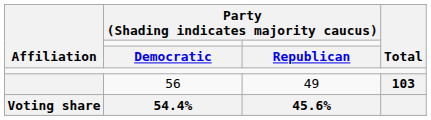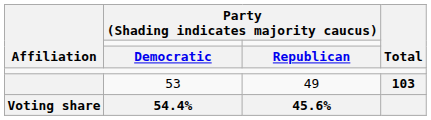 <table class=wikitable style="text-align:center">
 <tr style="vertical-align:bottom;">
 <th rowspan=3>Affiliation</th>
 <th colspan=2>Party <div>(Shading indicates majority caucus)</div></th>
 <th rowspan=3>Total</th>
 </tr>
 <tr style="height:5px">
 <td style="background-color:"></td>
 <td style="background-color:"></td>
 </tr>
 <tr>
 <th><a href='#'>Democratic</a></th>
 <th><a href='#'>Republican</a></th>
 </tr>
 <tr>
 <td colspan=5></td>
 </tr>
 <tr>
 <th nowrap style="font-size:80%"></th>
-<td>56</td>
+<td>53</td>
 <td>49</td>
 <th>103</th>
 </tr>
 <tr>
 <th>Voting share</th>
 <th>54.4%</th>
 <th>45.6%</th>
 <th colspan=2></th>
 </tr>
 </table>
